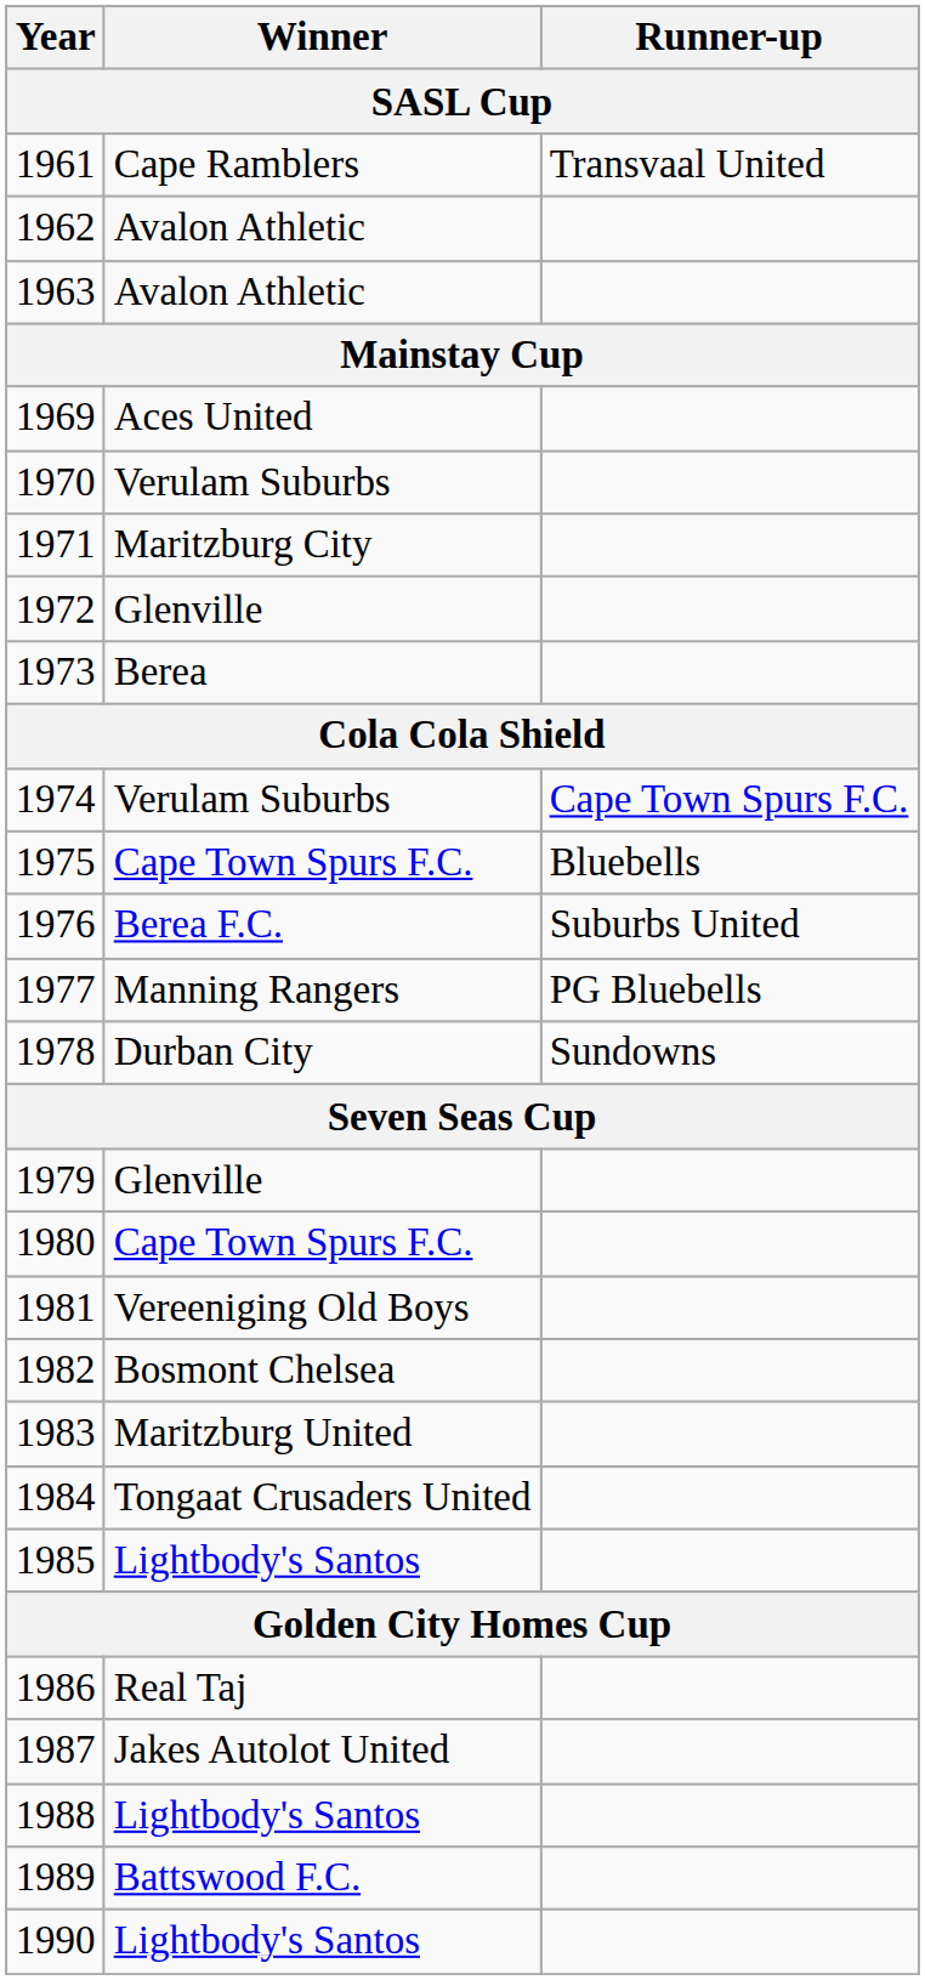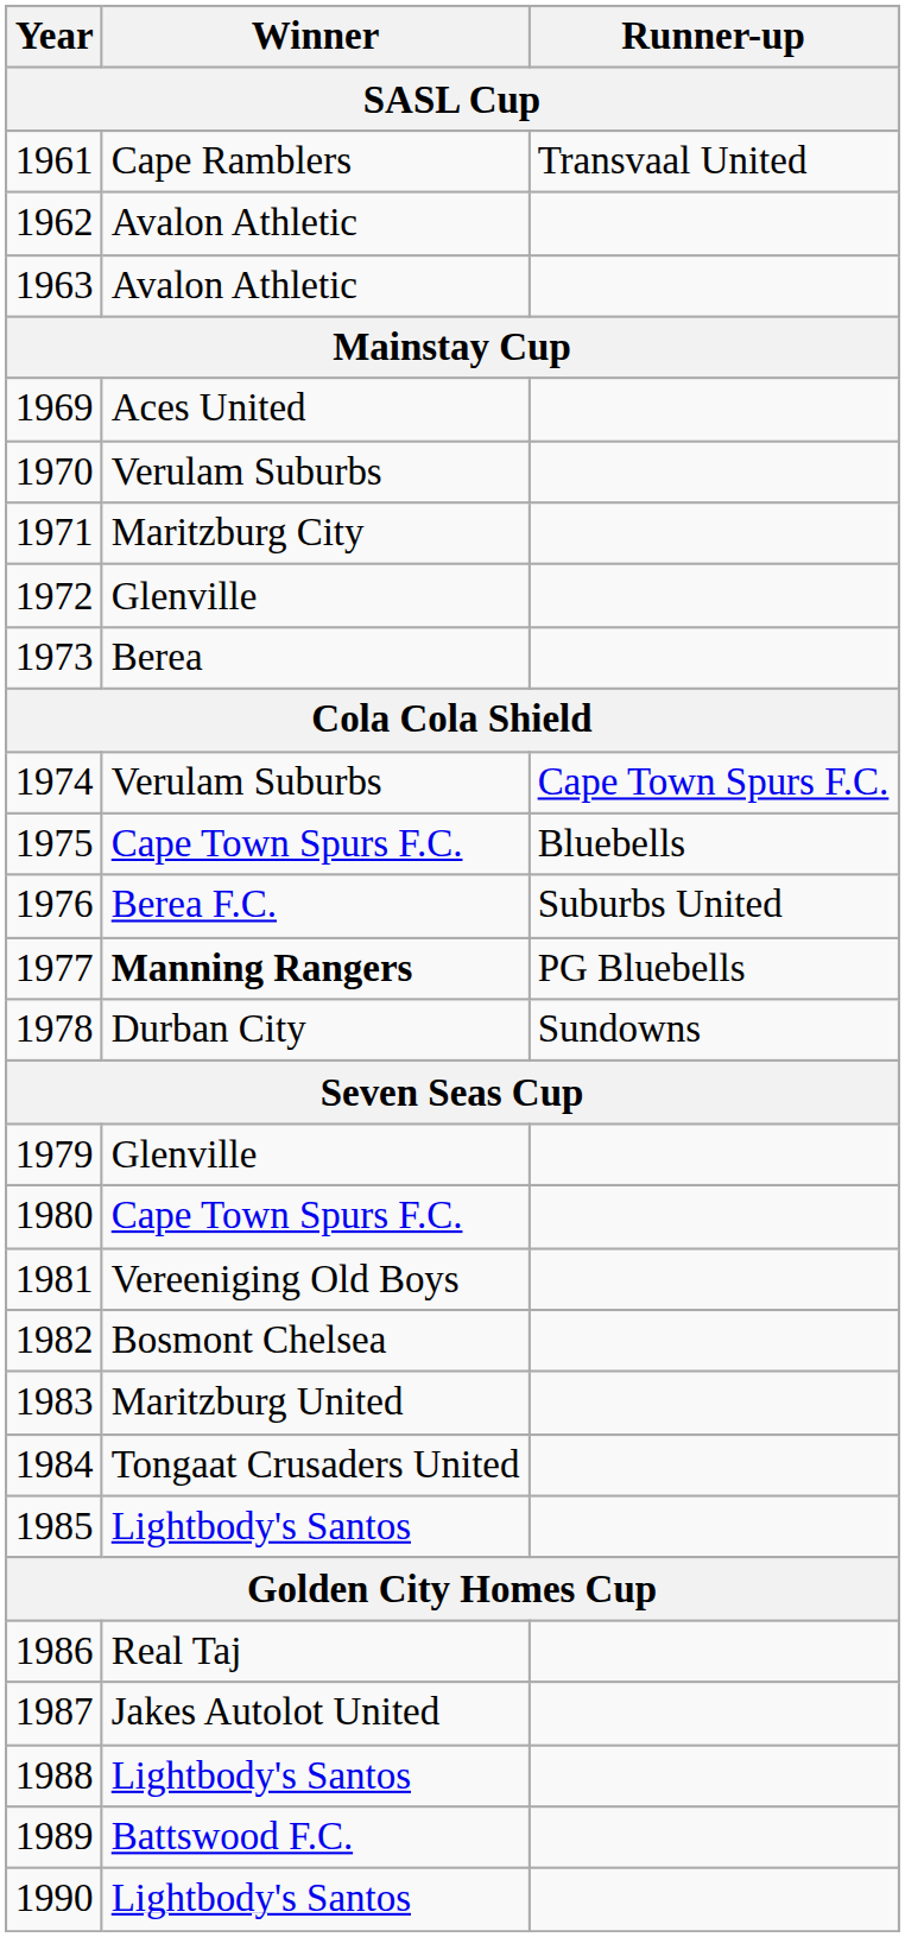 <table class="wikitable">
 <tr>
 <th>Year</th>
 <th>Winner</th>
 <th>Runner-up</th>
 </tr>
 <tr>
 <th colspan="3">SASL Cup</th>
 </tr>
 <tr>
 <td>1961</td>
 <td>Cape Ramblers</td>
 <td>Transvaal United</td>
 </tr>
 <tr>
 <td>1962</td>
 <td>Avalon Athletic</td>
 <td></td>
 </tr>
 <tr>
 <td>1963</td>
 <td>Avalon Athletic</td>
 <td></td>
 </tr>
 <tr>
 <th colspan="3">Mainstay Cup</th>
 </tr>
 <tr>
 <td>1969</td>
 <td>Aces United</td>
 <td></td>
 </tr>
 <tr>
 <td>1970</td>
 <td>Verulam Suburbs</td>
 <td></td>
 </tr>
 <tr>
 <td>1971</td>
 <td>Maritzburg City</td>
 <td></td>
 </tr>
 <tr>
 <td>1972</td>
 <td>Glenville</td>
 <td></td>
 </tr>
 <tr>
 <td>1973</td>
 <td>Berea</td>
 <td></td>
 </tr>
 <tr>
 <th colspan="3">Cola Cola Shield</th>
 </tr>
 <tr>
 <td>1974</td>
 <td>Verulam Suburbs</td>
 <td><a href='#'>Cape Town Spurs F.C.</a></td>
 </tr>
 <tr>
 <td>1975</td>
 <td><a href='#'>Cape Town Spurs F.C.</a></td>
 <td>Bluebells</td>
 </tr>
 <tr>
 <td>1976</td>
 <td><a href='#'>Berea F.C.</a></td>
 <td>Suburbs United</td>
 </tr>
 <tr>
 <td>1977</td>
-<td>Manning Rangers</td>
+<td><strong>Manning Rangers</strong></td>
 <td>PG Bluebells</td>
 </tr>
 <tr>
 <td>1978</td>
 <td>Durban City</td>
 <td>Sundowns</td>
 </tr>
 <tr>
 <th colspan="3">Seven Seas Cup</th>
 </tr>
 <tr>
 <td>1979</td>
 <td>Glenville</td>
 <td></td>
 </tr>
 <tr>
 <td>1980</td>
 <td><a href='#'>Cape Town Spurs F.C.</a></td>
 <td></td>
 </tr>
 <tr>
 <td>1981</td>
 <td>Vereeniging Old Boys</td>
 <td></td>
 </tr>
 <tr>
 <td>1982</td>
 <td>Bosmont Chelsea</td>
 <td></td>
 </tr>
 <tr>
 <td>1983</td>
 <td>Maritzburg United</td>
 <td></td>
 </tr>
 <tr>
 <td>1984</td>
 <td>Tongaat Crusaders United</td>
 <td></td>
 </tr>
 <tr>
 <td>1985</td>
 <td><a href='#'>Lightbody's Santos</a></td>
 <td></td>
 </tr>
 <tr>
 <th colspan="3">Golden City Homes Cup</th>
 </tr>
 <tr>
 <td>1986</td>
 <td>Real Taj</td>
 <td></td>
 </tr>
 <tr>
 <td>1987</td>
 <td>Jakes Autolot United</td>
 <td></td>
 </tr>
 <tr>
 <td>1988</td>
 <td><a href='#'>Lightbody's Santos</a></td>
 <td></td>
 </tr>
 <tr>
 <td>1989</td>
 <td><a href='#'>Battswood F.C.</a></td>
 <td></td>
 </tr>
 <tr>
 <td>1990</td>
 <td><a href='#'>Lightbody's Santos</a></td>
 <td></td>
 </tr>
 </table>
